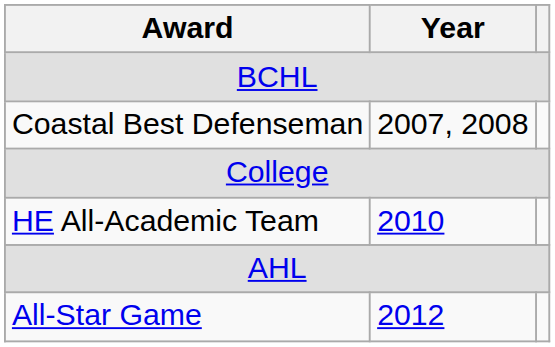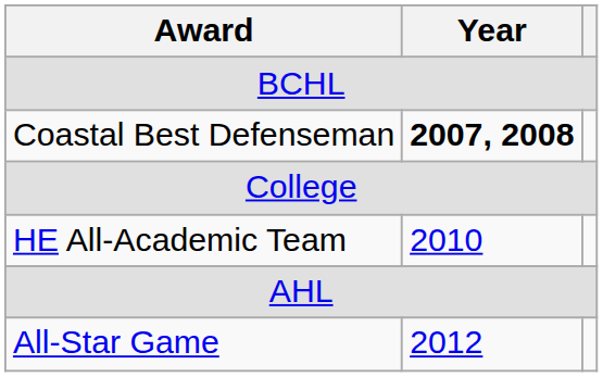 <table class="wikitable">
 <tr>
 <th>Award</th>
 <th>Year</th>
 <th></th>
 </tr>
 <tr ALIGN="center" bgcolor="#e0e0e0">
 <td colspan="3"><a href='#'>BCHL</a></td>
 </tr>
 <tr>
 <td>Coastal Best Defenseman</td>
-<td>2007, 2008</td>
+<td><strong>2007, 2008</strong></td>
 <td></td>
 </tr>
 <tr ALIGN="center" bgcolor="#e0e0e0">
 <td colspan="3"><a href='#'>College</a></td>
 </tr>
 <tr>
 <td><a href='#'>HE</a> All-Academic Team</td>
 <td><a href='#'>2010</a></td>
 <td></td>
 </tr>
 <tr ALIGN="center" bgcolor="#e0e0e0">
 <td colspan="3"><a href='#'>AHL</a></td>
 </tr>
 <tr>
 <td><a href='#'>All-Star Game</a></td>
 <td><a href='#'>2012</a></td>
 <td></td>
 </tr>
 </table>
